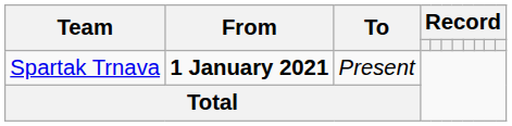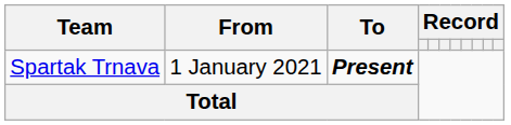 <table class=wikitable style=text-align:center>
 <tr>
 <th rowspan=2>Team</th>
 <th rowspan=2>From</th>
 <th rowspan=2>To</th>
 <th colspan=8>Record</th>
 </tr>
 <tr>
 <th></th>
 <th></th>
 <th></th>
 <th></th>
 <th></th>
 <th></th>
 <th></th>
 <th></th>
 </tr>
 <tr>
 <td align=left><a href='#'>Spartak Trnava</a></td>
-<td align=left><strong>1 January 2021</strong></td>
-<td align=left><em>Present</em><br></td>
+<td align=left>1 January 2021</td>
+<td align=left><strong><em>Present</em><br></strong></td>
 </tr>
 <tr>
 <th colspan=3>Total<br></th>
 </tr>
 </table>
